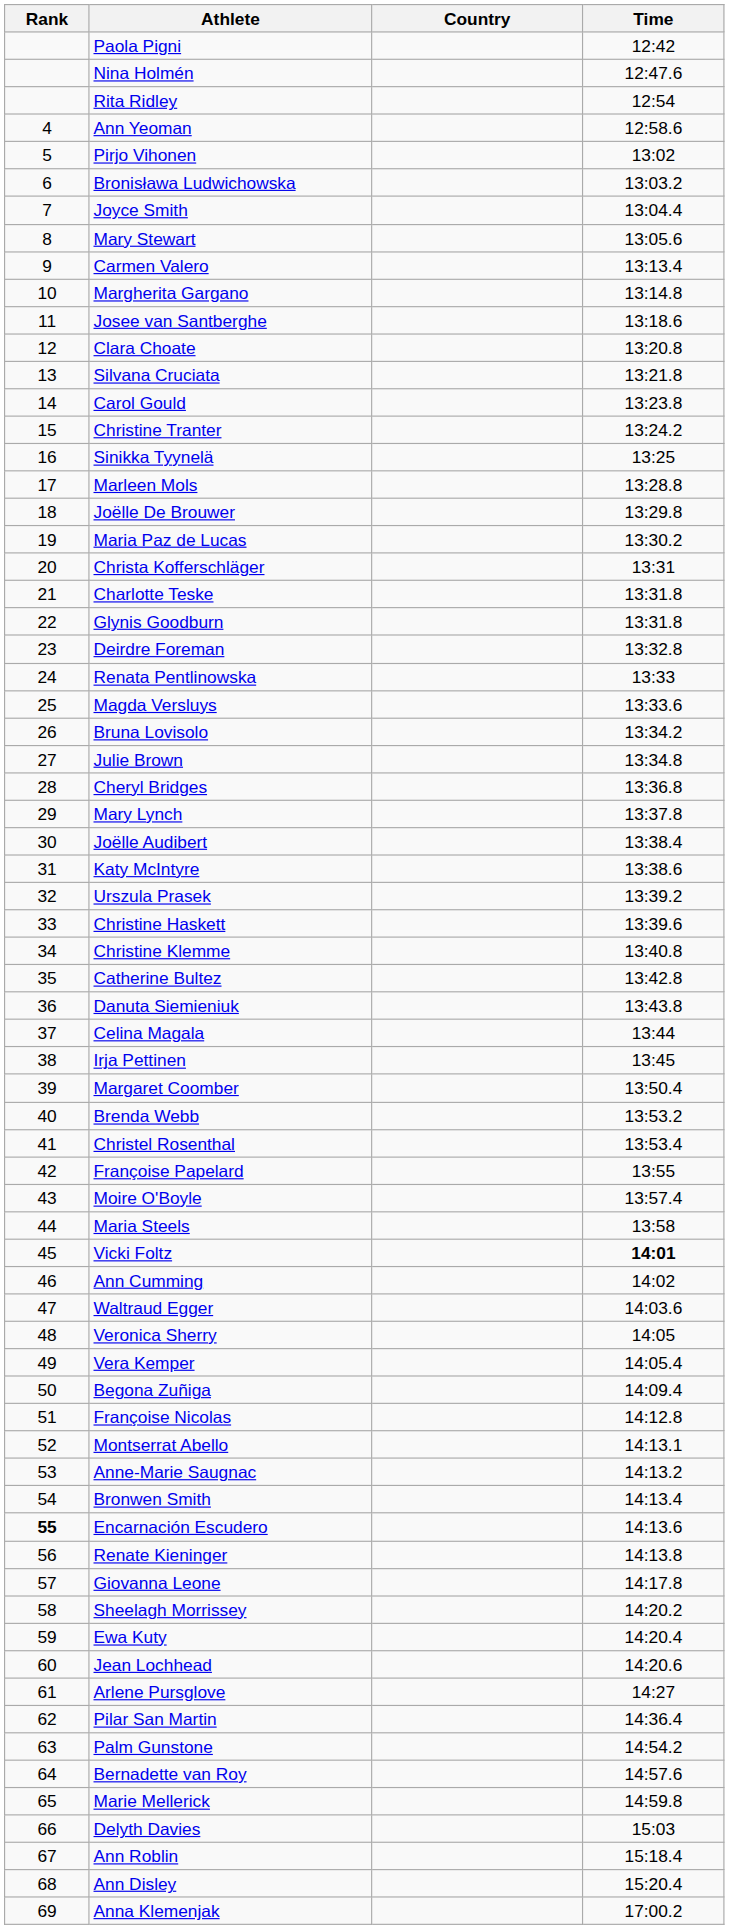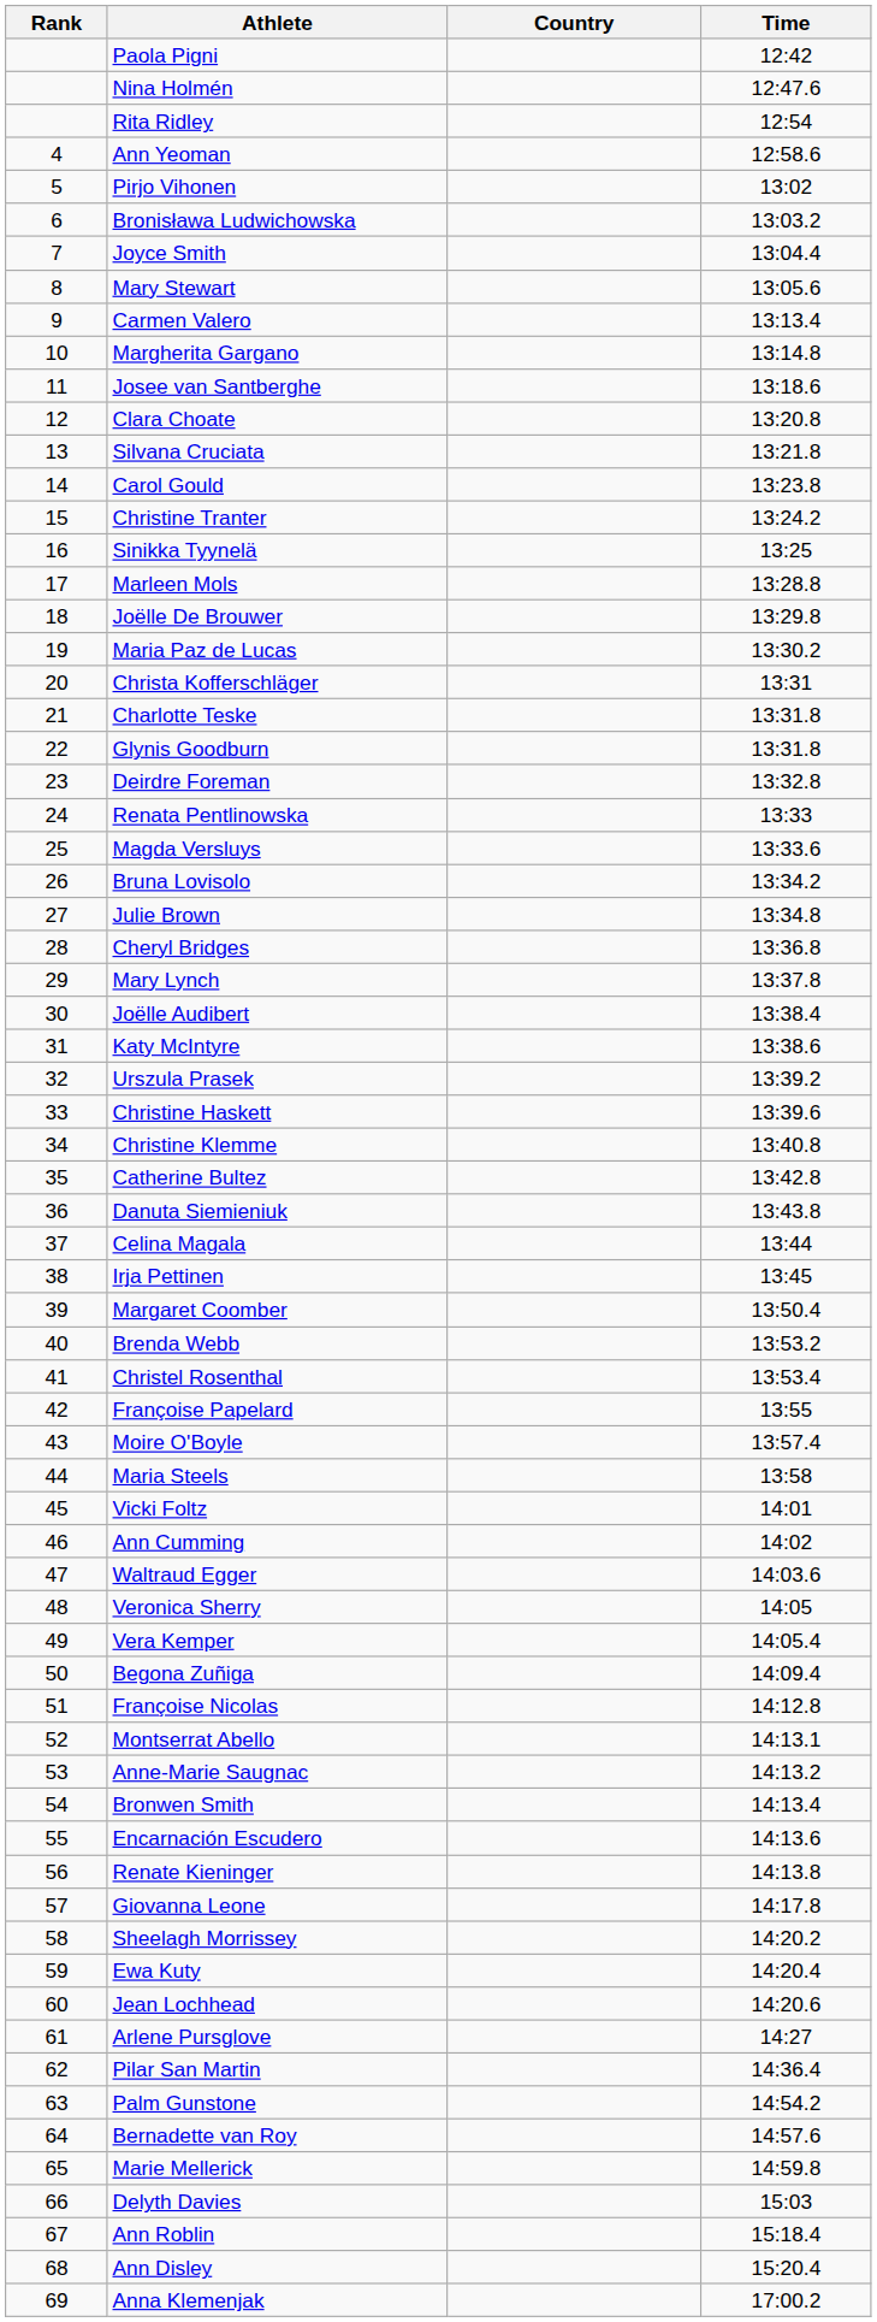 <table class="wikitable sortable" style=" text-align:center; font-size:95%;" width="50%">
 <tr>
 <th width=5%>Rank</th>
 <th width=20%>Athlete</th>
 <th width=15%>Country</th>
 <th width=10%>Time</th>
 </tr>
 <tr>
 <td align=center></td>
 <td align=left><a href='#'>Paola Pigni</a></td>
 <td align=left></td>
 <td>12:42</td>
 </tr>
 <tr>
 <td align=center></td>
 <td align=left><a href='#'>Nina Holmén</a></td>
 <td align=left></td>
 <td>12:47.6</td>
 </tr>
 <tr>
 <td align=center></td>
 <td align=left><a href='#'>Rita Ridley</a></td>
 <td align=left></td>
 <td>12:54</td>
 </tr>
 <tr>
 <td align=center>4</td>
 <td align=left><a href='#'>Ann Yeoman</a></td>
 <td align=left></td>
 <td>12:58.6</td>
 </tr>
 <tr>
 <td align=center>5</td>
 <td align=left><a href='#'>Pirjo Vihonen</a></td>
 <td align=left></td>
 <td>13:02</td>
 </tr>
 <tr>
 <td align=center>6</td>
 <td align=left><a href='#'>Bronisława Ludwichowska</a></td>
 <td align=left></td>
 <td>13:03.2</td>
 </tr>
 <tr>
 <td align=center>7</td>
 <td align=left><a href='#'>Joyce Smith</a></td>
 <td align=left></td>
 <td>13:04.4</td>
 </tr>
 <tr>
 <td align=center>8</td>
 <td align=left><a href='#'>Mary Stewart</a></td>
 <td align=left></td>
 <td>13:05.6</td>
 </tr>
 <tr>
 <td align=center>9</td>
 <td align=left><a href='#'>Carmen Valero</a></td>
 <td align=left></td>
 <td>13:13.4</td>
 </tr>
 <tr>
 <td align=center>10</td>
 <td align=left><a href='#'>Margherita Gargano</a></td>
 <td align=left></td>
 <td>13:14.8</td>
 </tr>
 <tr>
 <td align=center>11</td>
 <td align=left><a href='#'>Josee van Santberghe</a></td>
 <td align=left></td>
 <td>13:18.6</td>
 </tr>
 <tr>
 <td align=center>12</td>
 <td align=left><a href='#'>Clara Choate</a></td>
 <td align=left></td>
 <td>13:20.8</td>
 </tr>
 <tr>
 <td align=center>13</td>
 <td align=left><a href='#'>Silvana Cruciata</a></td>
 <td align=left></td>
 <td>13:21.8</td>
 </tr>
 <tr>
 <td align=center>14</td>
 <td align=left><a href='#'>Carol Gould</a></td>
 <td align=left></td>
 <td>13:23.8</td>
 </tr>
 <tr>
 <td align=center>15</td>
 <td align=left><a href='#'>Christine Tranter</a></td>
 <td align=left></td>
 <td>13:24.2</td>
 </tr>
 <tr>
 <td align=center>16</td>
 <td align=left><a href='#'>Sinikka Tyynelä</a></td>
 <td align=left></td>
 <td>13:25</td>
 </tr>
 <tr>
 <td align=center>17</td>
 <td align=left><a href='#'>Marleen Mols</a></td>
 <td align=left></td>
 <td>13:28.8</td>
 </tr>
 <tr>
 <td align=center>18</td>
 <td align=left><a href='#'>Joëlle De Brouwer</a></td>
 <td align=left></td>
 <td>13:29.8</td>
 </tr>
 <tr>
 <td align=center>19</td>
 <td align=left><a href='#'>Maria Paz de Lucas</a></td>
 <td align=left></td>
 <td>13:30.2</td>
 </tr>
 <tr>
 <td align=center>20</td>
 <td align=left><a href='#'>Christa Kofferschläger</a></td>
 <td align=left></td>
 <td>13:31</td>
 </tr>
 <tr>
 <td align=center>21</td>
 <td align=left><a href='#'>Charlotte Teske</a></td>
 <td align=left></td>
 <td>13:31.8</td>
 </tr>
 <tr>
 <td align=center>22</td>
 <td align=left><a href='#'>Glynis Goodburn</a></td>
 <td align=left></td>
 <td>13:31.8</td>
 </tr>
 <tr>
 <td align=center>23</td>
 <td align=left><a href='#'>Deirdre Foreman</a></td>
 <td align=left></td>
 <td>13:32.8</td>
 </tr>
 <tr>
 <td align=center>24</td>
 <td align=left><a href='#'>Renata Pentlinowska</a></td>
 <td align=left></td>
 <td>13:33</td>
 </tr>
 <tr>
 <td align=center>25</td>
 <td align=left><a href='#'>Magda Versluys</a></td>
 <td align=left></td>
 <td>13:33.6</td>
 </tr>
 <tr>
 <td align=center>26</td>
 <td align=left><a href='#'>Bruna Lovisolo</a></td>
 <td align=left></td>
 <td>13:34.2</td>
 </tr>
 <tr>
 <td align=center>27</td>
 <td align=left><a href='#'>Julie Brown</a></td>
 <td align=left></td>
 <td>13:34.8</td>
 </tr>
 <tr>
 <td align=center>28</td>
 <td align=left><a href='#'>Cheryl Bridges</a></td>
 <td align=left></td>
 <td>13:36.8</td>
 </tr>
 <tr>
 <td align=center>29</td>
 <td align=left><a href='#'>Mary Lynch</a></td>
 <td align=left></td>
 <td>13:37.8</td>
 </tr>
 <tr>
 <td align=center>30</td>
 <td align=left><a href='#'>Joëlle Audibert</a></td>
 <td align=left></td>
 <td>13:38.4</td>
 </tr>
 <tr>
 <td align=center>31</td>
 <td align=left><a href='#'>Katy McIntyre</a></td>
 <td align=left></td>
 <td>13:38.6</td>
 </tr>
 <tr>
 <td align=center>32</td>
 <td align=left><a href='#'>Urszula Prasek</a></td>
 <td align=left></td>
 <td>13:39.2</td>
 </tr>
 <tr>
 <td align=center>33</td>
 <td align=left><a href='#'>Christine Haskett</a></td>
 <td align=left></td>
 <td>13:39.6</td>
 </tr>
 <tr>
 <td align=center>34</td>
 <td align=left><a href='#'>Christine Klemme</a></td>
 <td align=left></td>
 <td>13:40.8</td>
 </tr>
 <tr>
 <td align=center>35</td>
 <td align=left><a href='#'>Catherine Bultez</a></td>
 <td align=left></td>
 <td>13:42.8</td>
 </tr>
 <tr>
 <td align=center>36</td>
 <td align=left><a href='#'>Danuta Siemieniuk</a></td>
 <td align=left></td>
 <td>13:43.8</td>
 </tr>
 <tr>
 <td align=center>37</td>
 <td align=left><a href='#'>Celina Magala</a></td>
 <td align=left></td>
 <td>13:44</td>
 </tr>
 <tr>
 <td align=center>38</td>
 <td align=left><a href='#'>Irja Pettinen</a></td>
 <td align=left></td>
 <td>13:45</td>
 </tr>
 <tr>
 <td align=center>39</td>
 <td align=left><a href='#'>Margaret Coomber</a></td>
 <td align=left></td>
 <td>13:50.4</td>
 </tr>
 <tr>
 <td align=center>40</td>
 <td align=left><a href='#'>Brenda Webb</a></td>
 <td align=left></td>
 <td>13:53.2</td>
 </tr>
 <tr>
 <td align=center>41</td>
 <td align=left><a href='#'>Christel Rosenthal</a></td>
 <td align=left></td>
 <td>13:53.4</td>
 </tr>
 <tr>
 <td align=center>42</td>
 <td align=left><a href='#'>Françoise Papelard</a></td>
 <td align=left></td>
 <td>13:55</td>
 </tr>
 <tr>
 <td align=center>43</td>
 <td align=left><a href='#'>Moire O'Boyle</a></td>
 <td align=left></td>
 <td>13:57.4</td>
 </tr>
 <tr>
 <td align=center>44</td>
 <td align=left><a href='#'>Maria Steels</a></td>
 <td align=left></td>
 <td>13:58</td>
 </tr>
 <tr>
 <td align=center>45</td>
 <td align=left><a href='#'>Vicki Foltz</a></td>
 <td align=left></td>
-<td><strong>14:01</strong></td>
+<td>14:01</td>
 </tr>
 <tr>
 <td align=center>46</td>
 <td align=left><a href='#'>Ann Cumming</a></td>
 <td align=left></td>
 <td>14:02</td>
 </tr>
 <tr>
 <td align=center>47</td>
 <td align=left><a href='#'>Waltraud Egger</a></td>
 <td align=left></td>
 <td>14:03.6</td>
 </tr>
 <tr>
 <td align=center>48</td>
 <td align=left><a href='#'>Veronica Sherry</a></td>
 <td align=left></td>
 <td>14:05</td>
 </tr>
 <tr>
 <td align=center>49</td>
 <td align=left><a href='#'>Vera Kemper</a></td>
 <td align=left></td>
 <td>14:05.4</td>
 </tr>
 <tr>
 <td align=center>50</td>
 <td align=left><a href='#'>Begona Zuñiga</a></td>
 <td align=left></td>
 <td>14:09.4</td>
 </tr>
 <tr>
 <td align=center>51</td>
 <td align=left><a href='#'>Françoise Nicolas</a></td>
 <td align=left></td>
 <td>14:12.8</td>
 </tr>
 <tr>
 <td align=center>52</td>
 <td align=left><a href='#'>Montserrat Abello</a></td>
 <td align=left></td>
 <td>14:13.1</td>
 </tr>
 <tr>
 <td align=center>53</td>
 <td align=left><a href='#'>Anne-Marie Saugnac</a></td>
 <td align=left></td>
 <td>14:13.2</td>
 </tr>
 <tr>
 <td align=center>54</td>
 <td align=left><a href='#'>Bronwen Smith</a></td>
 <td align=left></td>
 <td>14:13.4</td>
 </tr>
 <tr>
-<td align=center><strong>55</strong></td>
+<td align=center>55</td>
 <td align=left><a href='#'>Encarnación Escudero</a></td>
 <td align=left></td>
 <td>14:13.6</td>
 </tr>
 <tr>
 <td align=center>56</td>
 <td align=left><a href='#'>Renate Kieninger</a></td>
 <td align=left></td>
 <td>14:13.8</td>
 </tr>
 <tr>
 <td align=center>57</td>
 <td align=left><a href='#'>Giovanna Leone</a></td>
 <td align=left></td>
 <td>14:17.8</td>
 </tr>
 <tr>
 <td align=center>58</td>
 <td align=left><a href='#'>Sheelagh Morrissey</a></td>
 <td align=left></td>
 <td>14:20.2</td>
 </tr>
 <tr>
 <td align=center>59</td>
 <td align=left><a href='#'>Ewa Kuty</a></td>
 <td align=left></td>
 <td>14:20.4</td>
 </tr>
 <tr>
 <td align=center>60</td>
 <td align=left><a href='#'>Jean Lochhead</a></td>
 <td align=left></td>
 <td>14:20.6</td>
 </tr>
 <tr>
 <td align=center>61</td>
 <td align=left><a href='#'>Arlene Pursglove</a></td>
 <td align=left></td>
 <td>14:27</td>
 </tr>
 <tr>
 <td align=center>62</td>
 <td align=left><a href='#'>Pilar San Martin</a></td>
 <td align=left></td>
 <td>14:36.4</td>
 </tr>
 <tr>
 <td align=center>63</td>
 <td align=left><a href='#'>Palm Gunstone</a></td>
 <td align=left></td>
 <td>14:54.2</td>
 </tr>
 <tr>
 <td align=center>64</td>
 <td align=left><a href='#'>Bernadette van Roy</a></td>
 <td align=left></td>
 <td>14:57.6</td>
 </tr>
 <tr>
 <td align=center>65</td>
 <td align=left><a href='#'>Marie Mellerick</a></td>
 <td align=left></td>
 <td>14:59.8</td>
 </tr>
 <tr>
 <td align=center>66</td>
 <td align=left><a href='#'>Delyth Davies</a></td>
 <td align=left></td>
 <td>15:03</td>
 </tr>
 <tr>
 <td align=center>67</td>
 <td align=left><a href='#'>Ann Roblin</a></td>
 <td align=left></td>
 <td>15:18.4</td>
 </tr>
 <tr>
 <td align=center>68</td>
 <td align=left><a href='#'>Ann Disley</a></td>
 <td align=left></td>
 <td>15:20.4</td>
 </tr>
 <tr>
 <td align=center>69</td>
 <td align=left><a href='#'>Anna Klemenjak</a></td>
 <td align=left></td>
 <td>17:00.2</td>
 </tr>
 </table>
